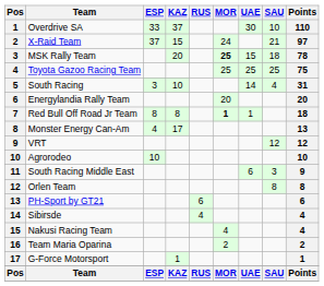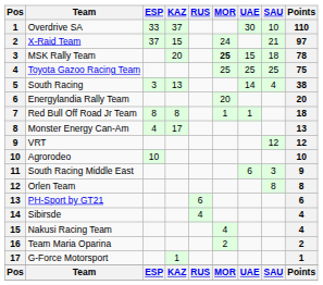 <table class="wikitable" style="font-size: 85%; text-align: center; display: inline-table;">
 <tr valign="top">
 <th valign="middle">Pos</th>
 <th valign="middle">Team</th>
 <th><a href='#'>ESP</a><br></th>
 <th><a href='#'>KAZ</a><br></th>
 <th><a href='#'>RUS</a><br></th>
 <th><a href='#'>MOR</a><br></th>
 <th><a href='#'>UAE</a><br></th>
 <th><a href='#'>SAU</a><br></th>
 <th valign="middle">Points</th>
 </tr>
 <tr>
 <th>1</th>
 <td align=left> Overdrive SA</td>
 <td style="background:#dfffdf;">33</td>
 <td style="background:#dfffdf;">37</td>
 <td></td>
 <td></td>
 <td style="background:#dfffdf;">30</td>
 <td style="background:#dfffdf;">10</td>
 <th>110</th>
 </tr>
 <tr>
 <th>2</th>
 <td align=left> <a href='#'>X-Raid Team</a></td>
 <td style="background:#dfffdf;">37</td>
 <td style="background:#dfffdf;">15</td>
 <td></td>
 <td style="background:#dfffdf;">24</td>
 <td></td>
 <td style="background:#dfffdf;">21</td>
 <th>97</th>
 </tr>
 <tr>
 <th>3</th>
 <td align=left> MSK Rally Team</td>
 <td></td>
 <td style="background:#dfffdf;">20</td>
 <td></td>
 <td style="background:#dfffdf;"><strong>25</strong></td>
 <td style="background:#dfffdf;">15</td>
 <td style="background:#dfffdf;">18</td>
 <th>78</th>
 </tr>
 <tr>
 <th>4</th>
 <td align=left><a href='#'>Toyota Gazoo Racing Team</a></td>
 <td></td>
 <td></td>
 <td></td>
 <td style="background:#dfffdf;">25</td>
 <td style="background:#dfffdf;">25</td>
 <td style="background:#dfffdf;">25</td>
 <th>75</th>
 </tr>
 <tr>
 <th>5</th>
 <td align=left> South Racing</td>
 <td style="background:#dfffdf;">3</td>
-<td style="background:#dfffdf;">10</td>
+<td style="background:#dfffdf;">13</td>
 <td></td>
 <td></td>
 <td style="background:#dfffdf;">14</td>
 <td style="background:#dfffdf;">4</td>
-<th>31</th>
+<th>38</th>
 </tr>
 <tr>
 <th>6</th>
 <td align=left> Energylandia Rally Team</td>
 <td></td>
 <td></td>
 <td></td>
 <td style="background:#dfffdf;">20</td>
 <td></td>
 <td></td>
 <th>20</th>
 </tr>
 <tr>
 <th>7</th>
 <td align=left>Red Bull Off Road Jr Team</td>
 <td style="background:#dfffdf;">8</td>
 <td style="background:#dfffdf;">8</td>
 <td></td>
-<td style="background:#dfffdf;"><strong>1</strong></td>
+<td style="background:#dfffdf;">1</td>
 <td style="background:#dfffdf;">1</td>
 <td></td>
 <th>18</th>
 </tr>
 <tr>
 <th>8</th>
 <td align=left>Monster Energy Can-Am</td>
 <td style="background:#dfffdf;">4</td>
 <td style="background:#dfffdf;">17</td>
 <td></td>
 <td></td>
 <td></td>
 <td></td>
 <th>13</th>
 </tr>
 <tr>
 <th>9</th>
 <td align=left> VRT</td>
 <td></td>
 <td></td>
 <td></td>
 <td></td>
 <td></td>
 <td style="background:#dfffdf;">12</td>
 <th>12</th>
 </tr>
 <tr>
 <th>10</th>
 <td align=left> Agrorodeo</td>
 <td style="background:#dfffdf;">10</td>
 <td></td>
 <td></td>
 <td></td>
 <td></td>
 <td></td>
 <th>10</th>
 </tr>
 <tr>
 <th>11</th>
 <td align=left>South Racing Middle East</td>
 <td></td>
 <td></td>
 <td></td>
 <td></td>
 <td style="background:#dfffdf;">6</td>
 <td style="background:#dfffdf;">3</td>
 <th>9</th>
 </tr>
 <tr>
 <th>12</th>
 <td align=left> Orlen Team</td>
 <td></td>
 <td></td>
 <td></td>
 <td></td>
 <td></td>
 <td style="background:#dfffdf;">8</td>
 <th>8</th>
 </tr>
 <tr>
 <th>13</th>
 <td align=left> <a href='#'>PH-Sport by GT21</a></td>
 <td></td>
 <td></td>
 <td style="background:#dfffdf;">6</td>
 <td></td>
 <td></td>
 <td></td>
 <th>6</th>
 </tr>
 <tr>
 <th>14</th>
 <td align=left> Sibirsde</td>
 <td></td>
 <td></td>
 <td style="background:#dfffdf;">4</td>
 <td></td>
 <td></td>
 <td></td>
 <th>4</th>
 </tr>
 <tr>
 <th>15</th>
 <td align=left> Nakusi Racing Team</td>
 <td></td>
 <td></td>
 <td></td>
 <td style="background:#dfffdf;">4</td>
 <td></td>
 <td></td>
 <th>4</th>
 </tr>
 <tr>
 <th>16</th>
 <td align=left> Team Maria Oparina</td>
 <td></td>
 <td></td>
 <td></td>
 <td style="background:#dfffdf;">2</td>
 <td></td>
 <td></td>
 <th>2</th>
 </tr>
 <tr>
 <th>17</th>
 <td align=left> G-Force Motorsport</td>
 <td></td>
 <td style="background:#dfffdf;">1</td>
 <td></td>
 <td></td>
 <td></td>
 <td></td>
 <th>1</th>
 </tr>
 <tr>
 </tr>
 <tr valign="top">
 <th valign="middle">Pos</th>
 <th valign="middle">Team</th>
 <th><a href='#'>ESP</a><br></th>
 <th><a href='#'>KAZ</a><br></th>
 <th><a href='#'>RUS</a><br></th>
 <th><a href='#'>MOR</a><br></th>
 <th><a href='#'>UAE</a><br></th>
 <th><a href='#'>SAU</a><br></th>
 <th valign="middle">Points</th>
 </tr>
 <tr>
 </tr>
 </table>
